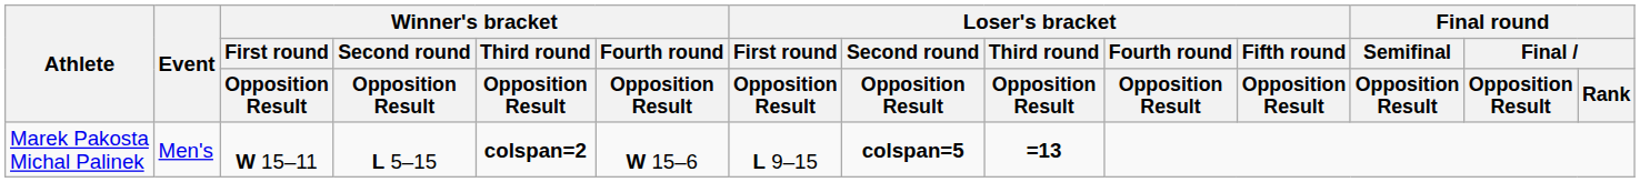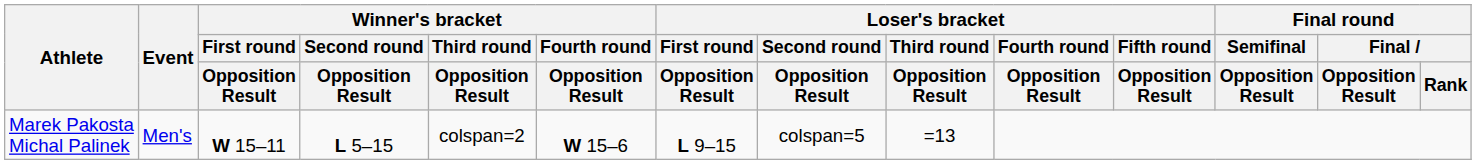 <table class=wikitable style=font-size:90%;text-align:center>
 <tr>
 <th rowspan=3>Athlete</th>
 <th rowspan=3>Event</th>
 <th colspan=4>Winner's bracket</th>
 <th colspan=5>Loser's bracket</th>
 <th colspan=3>Final round</th>
 </tr>
 <tr style=font-size:95%>
 <th>First round</th>
 <th>Second round</th>
 <th>Third round</th>
 <th>Fourth round</th>
 <th>First round</th>
 <th>Second round</th>
 <th>Third round</th>
 <th>Fourth round</th>
 <th>Fifth round</th>
 <th>Semifinal</th>
 <th colspan=2>Final / </th>
 </tr>
 <tr style=font-size:95%>
 <th>Opposition<br>Result</th>
 <th>Opposition<br>Result</th>
 <th>Opposition<br>Result</th>
 <th>Opposition<br>Result</th>
 <th>Opposition<br>Result</th>
 <th>Opposition<br>Result</th>
 <th>Opposition<br>Result</th>
 <th>Opposition<br>Result</th>
 <th>Opposition<br>Result</th>
 <th>Opposition<br>Result</th>
 <th>Opposition<br>Result</th>
 <th>Rank</th>
 </tr>
 <tr>
 <td align=left><a href='#'>Marek Pakosta</a><br><a href='#'>Michal Palinek</a></td>
 <td align=left rowspan=3><a href='#'>Men's</a></td>
 <td><br><strong>W</strong> 15–11</td>
 <td><br><strong>L</strong> 5–15</td>
-<td><strong>colspan=2 </strong></td>
+<td>colspan=2 </td>
 <td><br><strong>W</strong> 15–6</td>
 <td><br><strong>L</strong> 9–15</td>
-<td><strong>colspan=5 </strong></td>
-<td><strong>=13</strong></td>
+<td>colspan=5 </td>
+<td>=13</td>
 </tr>
 </table>
